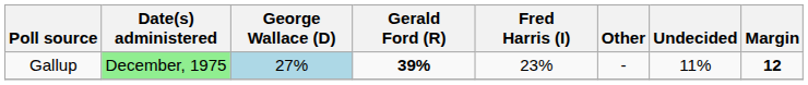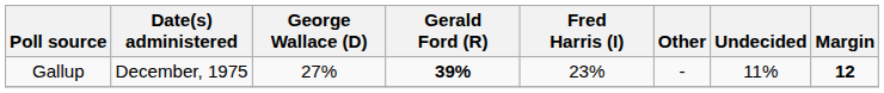 <table class="wikitable sortable" style="text-align:center;font-size:90%;line-height:17px">
 <tr valign= bottom>
 <th>Poll source</th>
 <th>Date(s)<br>administered</th>
 <th class="unsortable" style="width:100px;">George<br>Wallace (D)</th>
 <th class="unsortable" style="width:100px;">Gerald<br>Ford (R)</th>
 <th class="unsortable" style="width:100px;">Fred<br>Harris (I)</th>
 <th class="unsortable">Other</th>
 <th class="unsortable">Undecided</th>
 <th>Margin</th>
 </tr>
 <tr>
 <td align="center">Gallup</td>
-<td style="background: lightgreen;">December, 1975</td>
-<td align="center" style="background: lightblue;">27%</td>
+<td>December, 1975</td>
+<td align="center">27%</td>
 <td><strong>39%</strong></td>
 <td align="center">23%</td>
 <td align="center">-</td>
 <td align="center">11%</td>
 <td><strong>12</strong></td>
 </tr>
 <tr>
 </tr>
 </table>
